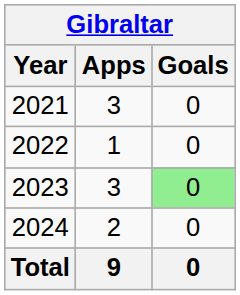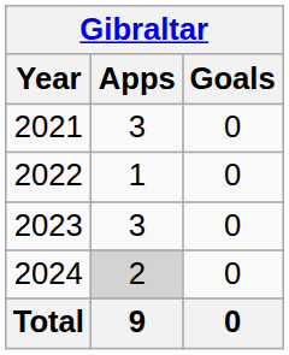 <table class="wikitable" style="text-align:center">
 <tr>
 <th colspan=3><a href='#'>Gibraltar</a></th>
 </tr>
 <tr>
 <th>Year</th>
 <th>Apps</th>
 <th>Goals</th>
 </tr>
 <tr>
 <td>2021</td>
 <td>3</td>
 <td>0</td>
 </tr>
 <tr>
 <td>2022</td>
 <td>1</td>
 <td>0</td>
 </tr>
 <tr>
 <td>2023</td>
 <td>3</td>
-<td style="background: lightgreen;">0</td>
+<td>0</td>
 </tr>
 <tr>
 <td>2024</td>
-<td>2</td>
+<td style="background: lightgrey;">2</td>
 <td>0</td>
 </tr>
 <tr>
 <th>Total</th>
 <th>9</th>
 <th>0</th>
 </tr>
 </table>
